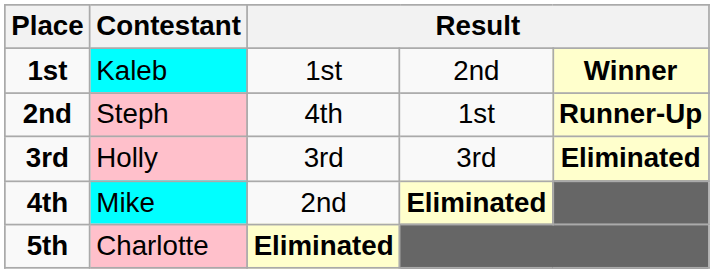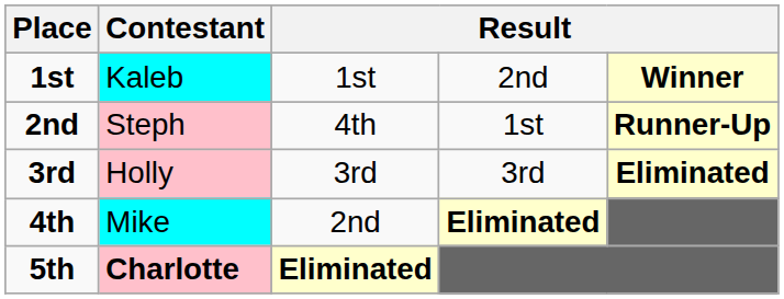 <table class="wikitable">
 <tr>
 <th>Place</th>
 <th>Contestant</th>
 <th colspan="14" align="center">Result</th>
 </tr>
 <tr>
 <td align="center"><strong>1st</strong></td>
 <td bgcolor="cyan">Kaleb</td>
 <td align="center">1st</td>
 <td align="center">2nd</td>
 <td bgcolor="FFFFCC" align="center"><strong>Winner</strong></td>
 </tr>
 <tr>
 <td align="center"><strong>2nd</strong></td>
 <td bgcolor="pink">Steph</td>
 <td align="center">4th</td>
 <td align="center">1st</td>
 <td bgcolor="FFFFCC" align="center"><strong>Runner-Up</strong></td>
 </tr>
 <tr>
 <td align="center"><strong>3rd</strong></td>
 <td bgcolor="pink">Holly</td>
 <td align="center">3rd</td>
 <td align="center">3rd</td>
 <td bgcolor="FFFFCC" align="center"><strong>Eliminated</strong></td>
 </tr>
 <tr>
 <td align="center"><strong>4th</strong></td>
 <td bgcolor="cyan">Mike</td>
 <td align="center">2nd</td>
 <td bgcolor="FFFFCC" align="center"><strong>Eliminated</strong></td>
 <td colspan="1" bgcolor="666666"></td>
 </tr>
 <tr>
 <td align="center"><strong>5th</strong></td>
-<td bgcolor="pink">Charlotte</td>
+<td bgcolor="pink"><strong>Charlotte</strong></td>
 <td bgcolor="FFFFCC" align="center"><strong>Eliminated</strong></td>
 <td colspan="2" bgcolor="666666"></td>
 </tr>
 </table>
